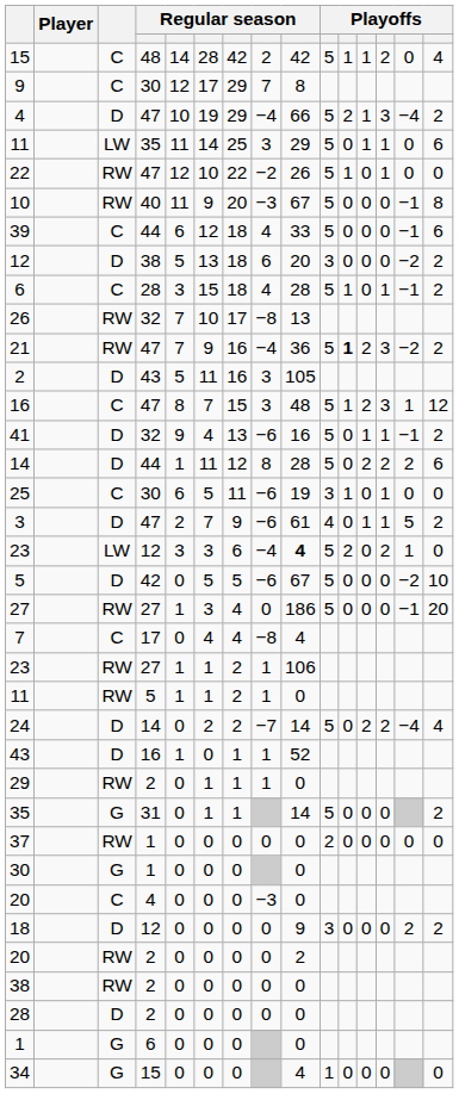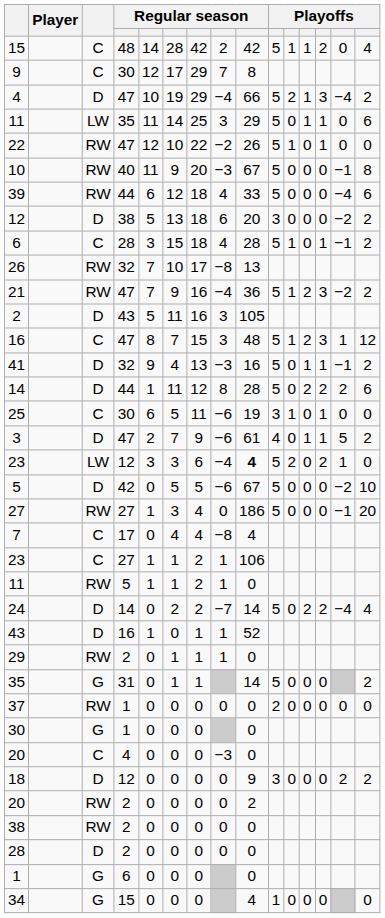 <table class="wikitable sortable plainrowheaders" style="text-align:center;">
 <tr>
 <th scope="col" data-sort-type="number" rowspan="2"></th>
 <th scope="col" rowspan="2">Player</th>
 <th scope="col" rowspan="2"></th>
 <th scope=colgroup colspan=6>Regular season</th>
 <th scope=colgroup colspan=6>Playoffs</th>
 </tr>
 <tr>
 <th scope="col" data-sort-type="number"></th>
 <th scope="col" data-sort-type="number"></th>
 <th scope="col" data-sort-type="number"></th>
 <th scope="col" data-sort-type="number"></th>
 <th scope="col" data-sort-type="number"></th>
 <th scope="col" data-sort-type="number"></th>
 <th scope="col" data-sort-type="number"></th>
 <th scope="col" data-sort-type="number"></th>
 <th scope="col" data-sort-type="number"></th>
 <th scope="col" data-sort-type="number"></th>
 <th scope="col" data-sort-type="number"></th>
 <th scope="col" data-sort-type="number"></th>
 </tr>
 <tr>
 <td scope="row">15</td>
 <td align="left"></td>
 <td>C</td>
 <td>48</td>
 <td>14</td>
 <td>28</td>
 <td>42</td>
 <td>2</td>
 <td>42</td>
 <td>5</td>
 <td>1</td>
 <td>1</td>
 <td>2</td>
 <td>0</td>
 <td>4</td>
 </tr>
 <tr>
 <td scope="row">9</td>
 <td align="left"></td>
 <td>C</td>
 <td>30</td>
 <td>12</td>
 <td>17</td>
 <td>29</td>
 <td>7</td>
 <td>8</td>
 <td></td>
 <td></td>
 <td></td>
 <td></td>
 <td></td>
 <td></td>
 </tr>
 <tr>
 <td scope="row">4</td>
 <td align="left"></td>
 <td>D</td>
 <td>47</td>
 <td>10</td>
 <td>19</td>
 <td>29</td>
 <td>−4</td>
 <td>66</td>
 <td>5</td>
 <td>2</td>
 <td>1</td>
 <td>3</td>
 <td>−4</td>
 <td>2</td>
 </tr>
 <tr>
 <td scope="row">11</td>
 <td align="left"></td>
 <td>LW</td>
 <td>35</td>
 <td>11</td>
 <td>14</td>
 <td>25</td>
 <td>3</td>
 <td>29</td>
 <td>5</td>
 <td>0</td>
 <td>1</td>
 <td>1</td>
 <td>0</td>
 <td>6</td>
 </tr>
 <tr>
 <td scope="row">22</td>
 <td align="left"></td>
 <td>RW</td>
 <td>47</td>
 <td>12</td>
 <td>10</td>
 <td>22</td>
 <td>−2</td>
 <td>26</td>
 <td>5</td>
 <td>1</td>
 <td>0</td>
 <td>1</td>
 <td>0</td>
 <td>0</td>
 </tr>
 <tr>
 <td scope="row">10</td>
 <td align="left"></td>
 <td>RW</td>
 <td>40</td>
 <td>11</td>
 <td>9</td>
 <td>20</td>
 <td>−3</td>
 <td>67</td>
 <td>5</td>
 <td>0</td>
 <td>0</td>
 <td>0</td>
 <td>−1</td>
 <td>8</td>
 </tr>
 <tr>
 <td scope="row">39</td>
 <td align="left"></td>
-<td>C</td>
+<td>RW</td>
 <td>44</td>
 <td>6</td>
 <td>12</td>
 <td>18</td>
 <td>4</td>
 <td>33</td>
 <td>5</td>
 <td>0</td>
 <td>0</td>
 <td>0</td>
-<td>−1</td>
+<td>−4</td>
 <td>6</td>
 </tr>
 <tr>
 <td scope="row">12</td>
 <td align="left"></td>
 <td>D</td>
 <td>38</td>
 <td>5</td>
 <td>13</td>
 <td>18</td>
 <td>6</td>
 <td>20</td>
 <td>3</td>
 <td>0</td>
 <td>0</td>
 <td>0</td>
 <td>−2</td>
 <td>2</td>
 </tr>
 <tr>
 <td scope="row">6</td>
 <td align="left"></td>
 <td>C</td>
 <td>28</td>
 <td>3</td>
 <td>15</td>
 <td>18</td>
 <td>4</td>
 <td>28</td>
 <td>5</td>
 <td>1</td>
 <td>0</td>
 <td>1</td>
 <td>−1</td>
 <td>2</td>
 </tr>
 <tr>
 <td scope="row">26</td>
 <td align="left"></td>
 <td>RW</td>
 <td>32</td>
 <td>7</td>
 <td>10</td>
 <td>17</td>
 <td>−8</td>
 <td>13</td>
 <td></td>
 <td></td>
 <td></td>
 <td></td>
 <td></td>
 <td></td>
 </tr>
 <tr>
 <td scope="row">21</td>
 <td align="left"></td>
 <td>RW</td>
 <td>47</td>
 <td>7</td>
 <td>9</td>
 <td>16</td>
 <td>−4</td>
 <td>36</td>
 <td>5</td>
-<td><strong>1</strong></td>
+<td>1</td>
 <td>2</td>
 <td>3</td>
 <td>−2</td>
 <td>2</td>
 </tr>
 <tr>
 <td scope="row">2</td>
 <td align="left"></td>
 <td>D</td>
 <td>43</td>
 <td>5</td>
 <td>11</td>
 <td>16</td>
 <td>3</td>
 <td>105</td>
 <td></td>
 <td></td>
 <td></td>
 <td></td>
 <td></td>
 <td></td>
 </tr>
 <tr>
 <td scope="row">16</td>
 <td align="left"></td>
 <td>C</td>
 <td>47</td>
 <td>8</td>
 <td>7</td>
 <td>15</td>
 <td>3</td>
 <td>48</td>
 <td>5</td>
 <td>1</td>
 <td>2</td>
 <td>3</td>
 <td>1</td>
 <td>12</td>
 </tr>
 <tr>
 <td scope="row">41</td>
 <td align="left"></td>
 <td>D</td>
 <td>32</td>
 <td>9</td>
 <td>4</td>
 <td>13</td>
-<td>−6</td>
+<td>−3</td>
 <td>16</td>
 <td>5</td>
 <td>0</td>
 <td>1</td>
 <td>1</td>
 <td>−1</td>
 <td>2</td>
 </tr>
 <tr>
 <td scope="row">14</td>
 <td align="left"></td>
 <td>D</td>
 <td>44</td>
 <td>1</td>
 <td>11</td>
 <td>12</td>
 <td>8</td>
 <td>28</td>
 <td>5</td>
 <td>0</td>
 <td>2</td>
 <td>2</td>
 <td>2</td>
 <td>6</td>
 </tr>
 <tr>
 <td scope="row">25</td>
 <td align="left"></td>
 <td>C</td>
 <td>30</td>
 <td>6</td>
 <td>5</td>
 <td>11</td>
 <td>−6</td>
 <td>19</td>
 <td>3</td>
 <td>1</td>
 <td>0</td>
 <td>1</td>
 <td>0</td>
 <td>0</td>
 </tr>
 <tr>
 <td scope="row">3</td>
 <td align="left"></td>
 <td>D</td>
 <td>47</td>
 <td>2</td>
 <td>7</td>
 <td>9</td>
 <td>−6</td>
 <td>61</td>
 <td>4</td>
 <td>0</td>
 <td>1</td>
 <td>1</td>
 <td>5</td>
 <td>2</td>
 </tr>
 <tr>
 <td scope="row">23</td>
 <td align="left"></td>
 <td>LW</td>
 <td>12</td>
 <td>3</td>
 <td>3</td>
 <td>6</td>
 <td>−4</td>
 <td><strong>4</strong></td>
 <td>5</td>
 <td>2</td>
 <td>0</td>
 <td>2</td>
 <td>1</td>
 <td>0</td>
 </tr>
 <tr>
 <td scope="row">5</td>
 <td align="left"></td>
 <td>D</td>
 <td>42</td>
 <td>0</td>
 <td>5</td>
 <td>5</td>
 <td>−6</td>
 <td>67</td>
 <td>5</td>
 <td>0</td>
 <td>0</td>
 <td>0</td>
 <td>−2</td>
 <td>10</td>
 </tr>
 <tr>
 <td scope="row">27</td>
 <td align="left"></td>
 <td>RW</td>
 <td>27</td>
 <td>1</td>
 <td>3</td>
 <td>4</td>
 <td>0</td>
 <td>186</td>
 <td>5</td>
 <td>0</td>
 <td>0</td>
 <td>0</td>
 <td>−1</td>
 <td>20</td>
 </tr>
 <tr>
 <td scope="row">7</td>
 <td align="left"></td>
 <td>C</td>
 <td>17</td>
 <td>0</td>
 <td>4</td>
 <td>4</td>
 <td>−8</td>
 <td>4</td>
 <td></td>
 <td></td>
 <td></td>
 <td></td>
 <td></td>
 <td></td>
 </tr>
 <tr>
 <td scope="row">23</td>
 <td align="left"></td>
-<td>RW</td>
+<td>C</td>
 <td>27</td>
 <td>1</td>
 <td>1</td>
 <td>2</td>
 <td>1</td>
 <td>106</td>
 <td></td>
 <td></td>
 <td></td>
 <td></td>
 <td></td>
 <td></td>
 </tr>
 <tr>
 <td scope="row">11</td>
 <td align="left"></td>
 <td>RW</td>
 <td>5</td>
 <td>1</td>
 <td>1</td>
 <td>2</td>
 <td>1</td>
 <td>0</td>
 <td></td>
 <td></td>
 <td></td>
 <td></td>
 <td></td>
 <td></td>
 </tr>
 <tr>
 <td scope="row">24</td>
 <td align="left"></td>
 <td>D</td>
 <td>14</td>
 <td>0</td>
 <td>2</td>
 <td>2</td>
 <td>−7</td>
 <td>14</td>
 <td>5</td>
 <td>0</td>
 <td>2</td>
 <td>2</td>
 <td>−4</td>
 <td>4</td>
 </tr>
 <tr>
 <td scope="row">43</td>
 <td align="left"></td>
 <td>D</td>
 <td>16</td>
 <td>1</td>
 <td>0</td>
 <td>1</td>
 <td>1</td>
 <td>52</td>
 <td></td>
 <td></td>
 <td></td>
 <td></td>
 <td></td>
 <td></td>
 </tr>
 <tr>
 <td scope="row">29</td>
 <td align="left"></td>
 <td>RW</td>
 <td>2</td>
 <td>0</td>
 <td>1</td>
 <td>1</td>
 <td>1</td>
 <td>0</td>
 <td></td>
 <td></td>
 <td></td>
 <td></td>
 <td></td>
 <td></td>
 </tr>
 <tr>
 <td scope="row">35</td>
 <td align="left"></td>
 <td>G</td>
 <td>31</td>
 <td>0</td>
 <td>1</td>
 <td>1</td>
 <td style="background:#ccc"></td>
 <td>14</td>
 <td>5</td>
 <td>0</td>
 <td>0</td>
 <td>0</td>
 <td style="background:#ccc"></td>
 <td>2</td>
 </tr>
 <tr>
 <td scope="row">37</td>
 <td align="left"></td>
 <td>RW</td>
 <td>1</td>
 <td>0</td>
 <td>0</td>
 <td>0</td>
 <td>0</td>
 <td>0</td>
 <td>2</td>
 <td>0</td>
 <td>0</td>
 <td>0</td>
 <td>0</td>
 <td>0</td>
 </tr>
 <tr>
 <td scope="row">30</td>
 <td align="left"></td>
 <td>G</td>
 <td>1</td>
 <td>0</td>
 <td>0</td>
 <td>0</td>
 <td style="background:#ccc"></td>
 <td>0</td>
 <td></td>
 <td></td>
 <td></td>
 <td></td>
 <td></td>
 <td></td>
 </tr>
 <tr>
 <td scope="row">20</td>
 <td align="left"></td>
 <td>C</td>
 <td>4</td>
 <td>0</td>
 <td>0</td>
 <td>0</td>
 <td>−3</td>
 <td>0</td>
 <td></td>
 <td></td>
 <td></td>
 <td></td>
 <td></td>
 <td></td>
 </tr>
 <tr>
 <td scope="row">18</td>
 <td align="left"></td>
 <td>D</td>
 <td>12</td>
 <td>0</td>
 <td>0</td>
 <td>0</td>
 <td>0</td>
 <td>9</td>
 <td>3</td>
 <td>0</td>
 <td>0</td>
 <td>0</td>
 <td>2</td>
 <td>2</td>
 </tr>
 <tr>
 <td scope="row">20</td>
 <td align="left"></td>
 <td>RW</td>
 <td>2</td>
 <td>0</td>
 <td>0</td>
 <td>0</td>
 <td>0</td>
 <td>2</td>
 <td></td>
 <td></td>
 <td></td>
 <td></td>
 <td></td>
 <td></td>
 </tr>
 <tr>
 <td scope="row">38</td>
 <td align="left"></td>
 <td>RW</td>
 <td>2</td>
 <td>0</td>
 <td>0</td>
 <td>0</td>
 <td>0</td>
 <td>0</td>
 <td></td>
 <td></td>
 <td></td>
 <td></td>
 <td></td>
 <td></td>
 </tr>
 <tr>
 <td scope="row">28</td>
 <td align="left"></td>
 <td>D</td>
 <td>2</td>
 <td>0</td>
 <td>0</td>
 <td>0</td>
 <td>0</td>
 <td>0</td>
 <td></td>
 <td></td>
 <td></td>
 <td></td>
 <td></td>
 <td></td>
 </tr>
 <tr>
 <td scope="row">1</td>
 <td align="left"></td>
 <td>G</td>
 <td>6</td>
 <td>0</td>
 <td>0</td>
 <td>0</td>
 <td style="background:#ccc"></td>
 <td>0</td>
 <td></td>
 <td></td>
 <td></td>
 <td></td>
 <td></td>
 <td></td>
 </tr>
 <tr>
 <td scope="row">34</td>
 <td align="left"></td>
 <td>G</td>
 <td>15</td>
 <td>0</td>
 <td>0</td>
 <td>0</td>
 <td style="background:#ccc"></td>
 <td>4</td>
 <td>1</td>
 <td>0</td>
 <td>0</td>
 <td>0</td>
 <td style="background:#ccc"></td>
 <td>0</td>
 </tr>
 </table>
